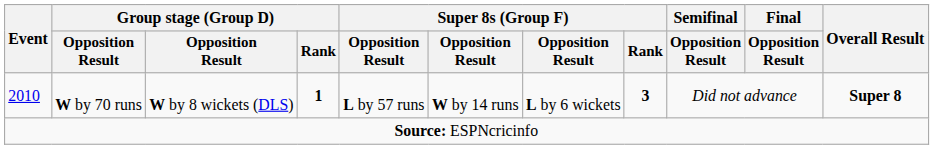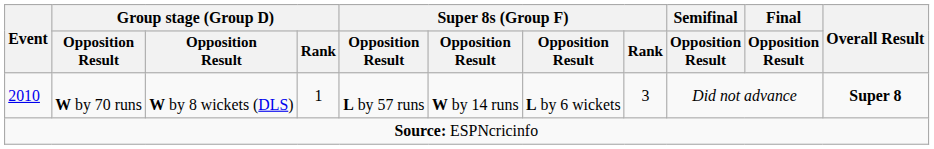 <table class=wikitable style=font-size:90%;text-align:center>
 <tr>
 <th rowspan=2>Event</th>
 <th colspan=3>Group stage (Group D)</th>
 <th colspan=4>Super 8s (Group F)</th>
 <th>Semifinal</th>
 <th>Final</th>
 <th rowspan=2>Overall Result</th>
 </tr>
 <tr style=font-size:95%>
 <th>Opposition<br>Result</th>
 <th>Opposition<br>Result</th>
 <th>Rank</th>
 <th>Opposition<br>Result</th>
 <th>Opposition<br>Result</th>
 <th>Opposition<br>Result</th>
 <th>Rank</th>
 <th>Opposition<br>Result</th>
 <th>Opposition<br>Result</th>
 </tr>
 <tr>
 <td align=left><a href='#'>2010</a></td>
 <td><br><strong>W</strong> by 70 runs</td>
 <td><br><strong>W</strong> by 8 wickets (<a href='#'>DLS</a>)</td>
-<td><strong>1</strong></td>
+<td>1</td>
 <td><br><strong>L</strong> by 57 runs</td>
 <td><br><strong>W</strong> by 14 runs</td>
 <td><br><strong>L</strong> by 6 wickets</td>
-<td><strong>3</strong></td>
+<td>3</td>
 <td colspan=2><em>Did not advance</em></td>
 <td><strong>Super 8</strong></td>
 </tr>
 <tr>
 <td colspan="11"><strong>Source:</strong> ESPNcricinfo</td>
 </tr>
 </table>
